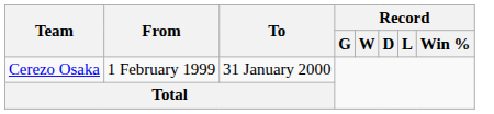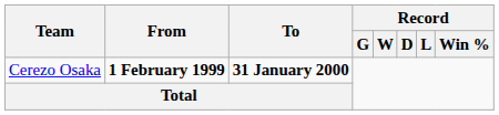 <table class="wikitable" style="text-align: center">
 <tr>
 <th rowspan="2">Team</th>
 <th rowspan="2">From</th>
 <th rowspan="2">To</th>
 <th colspan="5">Record</th>
 </tr>
 <tr>
 <th>G</th>
 <th>W</th>
 <th>D</th>
 <th>L</th>
 <th>Win %</th>
 </tr>
 <tr>
 <td align="left"><a href='#'>Cerezo Osaka</a></td>
-<td align="left">1 February 1999</td>
-<td align="left">31 January 2000<br></td>
+<td align="left"><strong>1 February 1999</strong></td>
+<td align="left"><strong>31 January 2000<br></strong></td>
 </tr>
 <tr>
 <th colspan="3">Total<br></th>
 </tr>
 </table>
